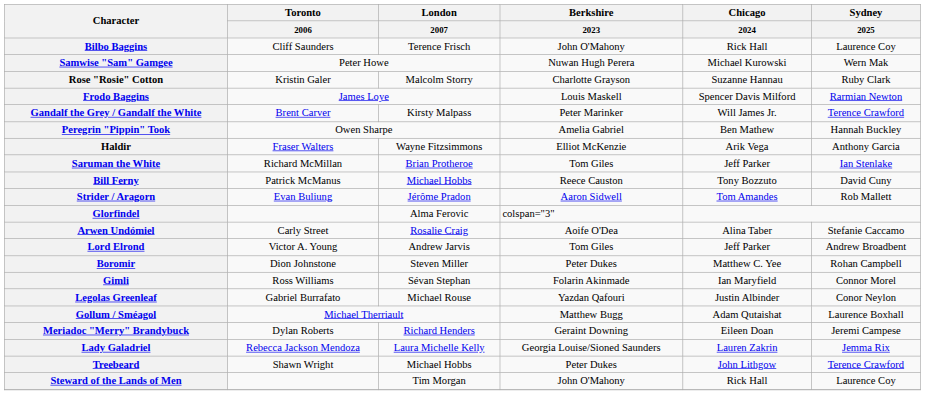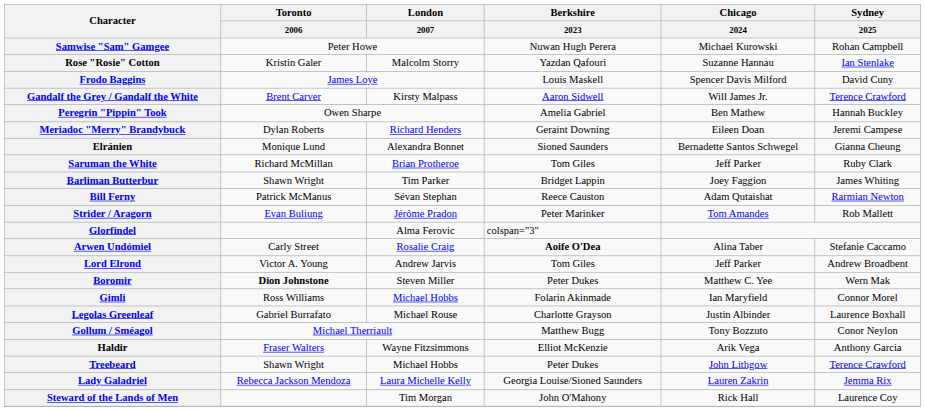 <table class="wikitable" width="70%">
 <tr>
 <th rowspan="2">Character</th>
 <th>Toronto</th>
 <th>London</th>
 <th>Berkshire</th>
 <th>Chicago</th>
 <th>Sydney</th>
 </tr>
 <tr>
 <th><small>2006</small></th>
 <th><small>2007</small></th>
 <th><small>2023</small></th>
 <th><small>2024</small></th>
 <th><small>2025</small></th>
 </tr>
 <tr>
-<th scope="row"><a href='#'>Bilbo Baggins</a></th>
-<td align="center">Cliff Saunders</td>
-<td align="center">Terence Frisch</td>
-<td align="center">John O'Mahony</td>
-<td align="center">Rick Hall</td>
-<td align="center">Laurence Coy</td>
-</tr>
-<tr>
 <th scope="row"><a href='#'>Samwise "Sam" Gamgee</a></th>
 <td align="center" colspan="2">Peter Howe</td>
 <td align="center">Nuwan Hugh Perera</td>
 <td align="center">Michael Kurowski</td>
-<td align="center">Wern Mak</td>
+<td align="center">Rohan Campbell</td>
 </tr>
 <tr>
 <th scope="row">Rose "Rosie" Cotton</th>
 <td align="center">Kristin Galer</td>
 <td align="center">Malcolm Storry</td>
-<td align="center">Charlotte Grayson</td>
+<td align="center">Yazdan Qafouri</td>
 <td align="center">Suzanne Hannau</td>
-<td align="center">Ruby Clark</td>
+<td align="center"><a href='#'>Ian Stenlake</a></td>
 </tr>
 <tr>
 <th scope="row"><a href='#'>Frodo Baggins</a></th>
 <td align="center" colspan="2"><a href='#'>James Loye</a></td>
 <td align="center">Louis Maskell</td>
 <td align="center">Spencer Davis Milford</td>
-<td align="center"><a href='#'>Rarmian Newton</a></td>
+<td align="center">David Cuny</td>
 </tr>
 <tr>
 <th scope="row"><a href='#'>Gandalf the Grey / Gandalf the White</a></th>
 <td align="center"><a href='#'>Brent Carver</a></td>
 <td align="center">Kirsty Malpass</td>
-<td align="center">Peter Marinker</td>
+<td align="center"><a href='#'>Aaron Sidwell</a></td>
 <td align="center">Will James Jr.</td>
 <td align="center"><a href='#'>Terence Crawford</a></td>
 </tr>
 <tr>
 <th scope="row"><a href='#'>Peregrin "Pippin" Took</a></th>
 <td align="center" colspan="2">Owen Sharpe</td>
 <td align="center">Amelia Gabriel</td>
 <td align="center">Ben Mathew</td>
 <td align="center">Hannah Buckley</td>
 </tr>
 <tr>
-<th scope="row">Haldir</th>
-<td align="center"><a href='#'>Fraser Walters</a></td>
-<td align="center">Wayne Fitzsimmons</td>
-<td align="center">Elliot McKenzie</td>
-<td align="center">Arik Vega</td>
-<td align="center">Anthony Garcia</td>
+<th scope="row"><a href='#'>Meriadoc "Merry" Brandybuck</a></th>
+<td align="center">Dylan Roberts</td>
+<td align="center"><a href='#'>Richard Henders</a></td>
+<td align="center">Geraint Downing</td>
+<td align="center">Eileen Doan</td>
+<td align="center">Jeremi Campese</td>
+</tr>
+<tr>
+<th scope="row">Elránien</th>
+<td align="center">Monique Lund</td>
+<td align="center">Alexandra Bonnet</td>
+<td align="center">Sioned Saunders</td>
+<td align="center">Bernadette Santos Schwegel</td>
+<td align="center">Gianna Cheung</td>
 </tr>
 <tr>
 <th scope="row"><a href='#'>Saruman the White</a></th>
 <td align="center">Richard McMillan</td>
 <td align="center"><a href='#'>Brian Protheroe</a></td>
 <td align="center">Tom Giles</td>
 <td align="center">Jeff Parker</td>
-<td align="center"><a href='#'>Ian Stenlake</a></td>
+<td align="center">Ruby Clark</td>
+</tr>
+<tr>
+<th scope="row"><a href='#'>Barliman Butterbur</a></th>
+<td align="center">Shawn Wright</td>
+<td align="center">Tim Parker</td>
+<td align="center">Bridget Lappin</td>
+<td align="center">Joey Faggion</td>
+<td align="center">James Whiting</td>
 </tr>
 <tr>
 <th scope="row"><a href='#'>Bill Ferny</a></th>
 <td align="center">Patrick McManus</td>
-<td align="center"><a href='#'>Michael Hobbs</a></td>
+<td align="center">Sévan Stephan</td>
 <td align="center">Reece Causton</td>
-<td align="center">Tony Bozzuto</td>
-<td align="center">David Cuny</td>
+<td align="center">Adam Qutaishat</td>
+<td align="center"><a href='#'>Rarmian Newton</a></td>
 </tr>
 <tr>
 <th scope="row"><a href='#'>Strider / Aragorn</a></th>
 <td align="center"><a href='#'>Evan Buliung</a></td>
 <td align="center"><a href='#'>Jérôme Pradon</a></td>
-<td align="center"><a href='#'>Aaron Sidwell</a></td>
+<td align="center">Peter Marinker</td>
 <td align="center"><a href='#'>Tom Amandes</a></td>
 <td align="center">Rob Mallett</td>
 </tr>
 <tr>
 <th scope="row"><a href='#'>Glorfindel</a></th>
 <td></td>
 <td align="center">Alma Ferovic</td>
 <td>colspan="3" </td>
 </tr>
 <tr>
 <th scope="row"><a href='#'>Arwen Undómiel</a></th>
 <td align="center">Carly Street</td>
 <td align="center"><a href='#'>Rosalie Craig</a></td>
-<td align="center">Aoife O'Dea</td>
+<td align="center"><strong>Aoife O'Dea</strong></td>
 <td align="center">Alina Taber</td>
 <td align="center">Stefanie Caccamo</td>
 </tr>
 <tr>
 <th scope="row"><a href='#'>Lord Elrond</a></th>
 <td align="center">Victor A. Young</td>
 <td align="center">Andrew Jarvis</td>
 <td align="center">Tom Giles</td>
 <td align="center">Jeff Parker</td>
 <td align="center">Andrew Broadbent</td>
 </tr>
 <tr>
 <th scope="row"><a href='#'>Boromir</a></th>
-<td align="center">Dion Johnstone</td>
+<td align="center"><strong>Dion Johnstone</strong></td>
 <td align="center">Steven Miller</td>
 <td align="center">Peter Dukes</td>
 <td align="center">Matthew C. Yee</td>
-<td align="center">Rohan Campbell</td>
+<td align="center">Wern Mak</td>
 </tr>
 <tr>
 <th scope="row"><a href='#'>Gimli</a></th>
 <td align="center">Ross Williams</td>
-<td align="center">Sévan Stephan</td>
+<td align="center"><a href='#'>Michael Hobbs</a></td>
 <td align="center">Folarin Akinmade</td>
 <td align="center">Ian Maryfield</td>
 <td align="center">Connor Morel</td>
 </tr>
 <tr>
 <th scope="row"><a href='#'>Legolas Greenleaf</a></th>
 <td align="center">Gabriel Burrafato</td>
 <td align="center">Michael Rouse</td>
-<td align="center">Yazdan Qafouri</td>
+<td align="center">Charlotte Grayson</td>
 <td align="center">Justin Albinder</td>
-<td align="center">Conor Neylon</td>
+<td align="center">Laurence Boxhall</td>
 </tr>
 <tr>
 <th scope="row"><a href='#'>Gollum / Sméagol</a></th>
 <td align="center" colspan="2"><a href='#'>Michael Therriault</a></td>
 <td align="center">Matthew Bugg</td>
-<td align="center">Adam Qutaishat</td>
-<td align="center">Laurence Boxhall</td>
+<td align="center">Tony Bozzuto</td>
+<td align="center">Conor Neylon</td>
 </tr>
 <tr>
-<th scope="row"><a href='#'>Meriadoc "Merry" Brandybuck</a></th>
-<td align="center">Dylan Roberts</td>
-<td align="center"><a href='#'>Richard Henders</a></td>
-<td align="center">Geraint Downing</td>
-<td align="center">Eileen Doan</td>
-<td align="center">Jeremi Campese</td>
+<th scope="row">Haldir</th>
+<td align="center"><a href='#'>Fraser Walters</a></td>
+<td align="center">Wayne Fitzsimmons</td>
+<td align="center">Elliot McKenzie</td>
+<td align="center">Arik Vega</td>
+<td align="center">Anthony Garcia</td>
+</tr>
+<tr>
+<th scope="row"><a href='#'>Treebeard</a></th>
+<td align="center">Shawn Wright</td>
+<td align="center">Michael Hobbs</td>
+<td align="center">Peter Dukes</td>
+<td align="center"><a href='#'>John Lithgow</a></td>
+<td align="center"><a href='#'>Terence Crawford</a></td>
 </tr>
 <tr>
 <th scope="row"><a href='#'>Lady Galadriel</a></th>
 <td align="center"><a href='#'>Rebecca Jackson Mendoza</a></td>
 <td align="center"><a href='#'>Laura Michelle Kelly</a></td>
 <td align="center">Georgia Louise/Sioned Saunders</td>
 <td align="center"><a href='#'>Lauren Zakrin</a></td>
 <td align="center"><a href='#'>Jemma Rix</a></td>
-</tr>
-<tr>
-<th scope="row"><a href='#'>Treebeard</a></th>
-<td align="center">Shawn Wright</td>
-<td align="center">Michael Hobbs</td>
-<td align="center">Peter Dukes</td>
-<td align="center"><a href='#'>John Lithgow</a></td>
-<td align="center"><a href='#'>Terence Crawford</a></td>
 </tr>
 <tr>
 <th scope="row"><a href='#'>Steward of the Lands of Men</a></th>
 <td></td>
 <td align="center">Tim Morgan</td>
 <td align="center">John O'Mahony</td>
 <td align="center">Rick Hall</td>
 <td align="center">Laurence Coy</td>
 </tr>
 <tr>
 </tr>
 </table>
